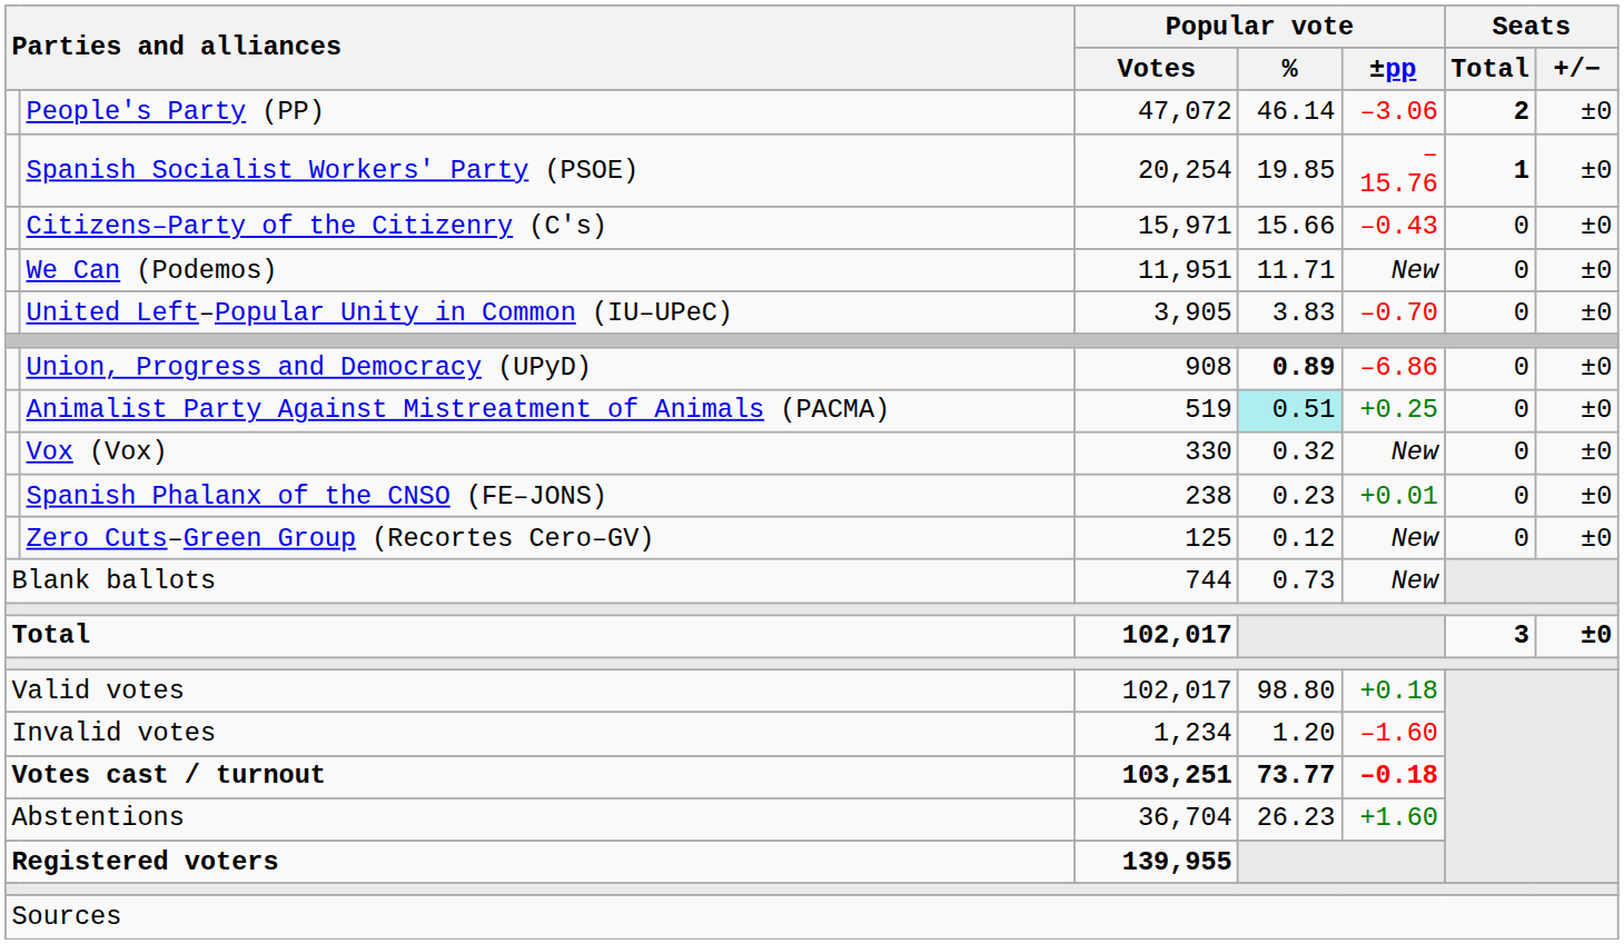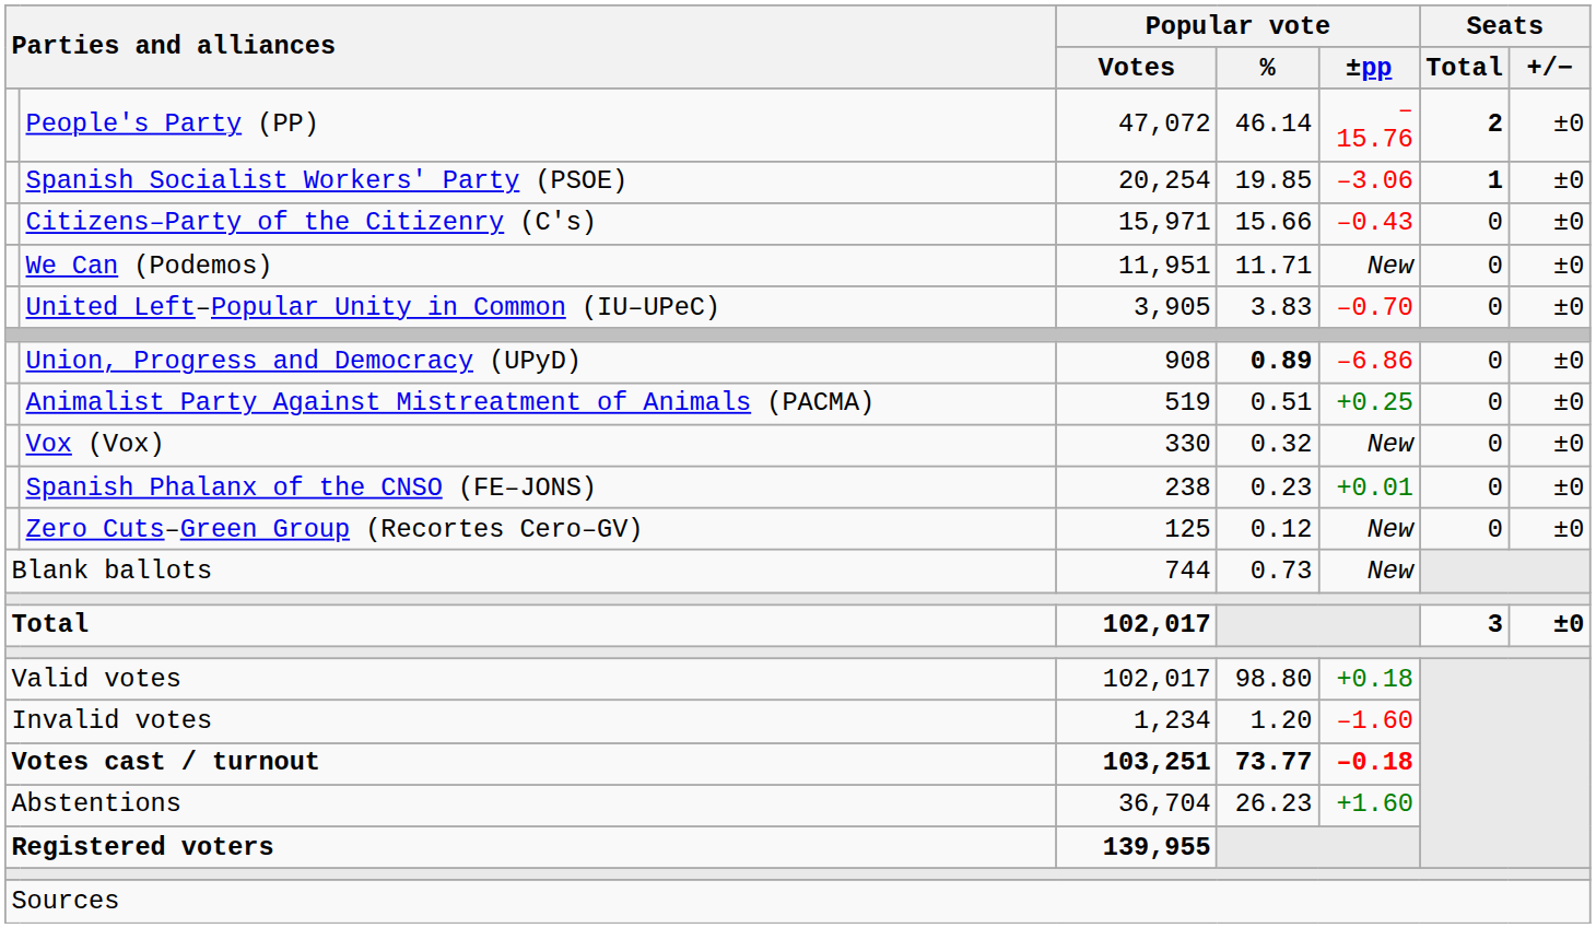 <table class="wikitable" style="text-align:right;">
 <tr>
 <th style="text-align:left;" rowspan="2" colspan="2" width="525">Parties and alliances</th>
 <th colspan="3">Popular vote</th>
 <th colspan="2">Seats</th>
 </tr>
 <tr>
 <th width="75">Votes</th>
 <th width="45">%</th>
 <th width="45">±<a href='#'>pp</a></th>
 <th width="35">Total</th>
 <th width="35">+/−</th>
 </tr>
 <tr>
 <td width="1" style="color:inherit;background:"></td>
 <td align="left"><a href='#'>People's Party</a> (PP)</td>
 <td>47,072</td>
 <td>46.14</td>
-<td style="color:red;">–3.06</td>
+<td style="color:red;">–15.76</td>
 <td><strong>2</strong></td>
 <td>±0</td>
 </tr>
 <tr>
 <td style="color:inherit;background:"></td>
 <td align="left"><a href='#'>Spanish Socialist Workers' Party</a> (PSOE)</td>
 <td>20,254</td>
 <td>19.85</td>
-<td style="color:red;">–15.76</td>
+<td style="color:red;">–3.06</td>
 <td><strong>1</strong></td>
 <td>±0</td>
 </tr>
 <tr>
 <td style="color:inherit;background:"></td>
 <td align="left"><a href='#'>Citizens–Party of the Citizenry</a> (C's)</td>
 <td>15,971</td>
 <td>15.66</td>
 <td style="color:red;">–0.43</td>
 <td>0</td>
 <td>±0</td>
 </tr>
 <tr>
 <td style="color:inherit;background:"></td>
 <td align="left"><a href='#'>We Can</a> (Podemos)</td>
 <td>11,951</td>
 <td>11.71</td>
 <td><em>New</em></td>
 <td>0</td>
 <td>±0</td>
 </tr>
 <tr>
 <td style="color:inherit;background:"></td>
 <td align="left"><a href='#'>United Left</a>–<a href='#'>Popular Unity in Common</a> (IU–UPeC)</td>
 <td>3,905</td>
 <td>3.83</td>
 <td style="color:red;">–0.70</td>
 <td>0</td>
 <td>±0</td>
 </tr>
 <tr>
 <td colspan="7" bgcolor="#C0C0C0"></td>
 </tr>
 <tr>
 <td style="color:inherit;background:"></td>
 <td align="left"><a href='#'>Union, Progress and Democracy</a> (UPyD)</td>
 <td>908</td>
 <td><strong>0.89</strong></td>
 <td style="color:red;">–6.86</td>
 <td>0</td>
 <td>±0</td>
 </tr>
 <tr>
 <td style="color:inherit;background:"></td>
 <td align="left"><a href='#'>Animalist Party Against Mistreatment of Animals</a> (PACMA)</td>
 <td>519</td>
-<td style="background: paleturquoise;">0.51</td>
+<td>0.51</td>
 <td style="color:green;">+0.25</td>
 <td>0</td>
 <td>±0</td>
 </tr>
 <tr>
 <td style="color:inherit;background:"></td>
 <td align="left"><a href='#'>Vox</a> (Vox)</td>
 <td>330</td>
 <td>0.32</td>
 <td><em>New</em></td>
 <td>0</td>
 <td>±0</td>
 </tr>
 <tr>
 <td style="color:inherit;background:"></td>
 <td align="left"><a href='#'>Spanish Phalanx of the CNSO</a> (FE–JONS)</td>
 <td>238</td>
 <td>0.23</td>
 <td style="color:green;">+0.01</td>
 <td>0</td>
 <td>±0</td>
 </tr>
 <tr>
 <td style="color:inherit;background:"></td>
 <td align="left"><a href='#'>Zero Cuts</a>–<a href='#'>Green Group</a> (Recortes Cero–GV)</td>
 <td>125</td>
 <td>0.12</td>
 <td><em>New</em></td>
 <td>0</td>
 <td>±0</td>
 </tr>
 <tr>
 <td align="left" colspan="2">Blank ballots</td>
 <td>744</td>
 <td>0.73</td>
 <td><em>New</em></td>
 <td bgcolor="#E9E9E9" colspan="2"></td>
 </tr>
 <tr>
 <td colspan="7" bgcolor="#E9E9E9"></td>
 </tr>
 <tr style="font-weight:bold;">
 <td align="left" colspan="2">Total</td>
 <td>102,017</td>
 <td bgcolor="#E9E9E9" colspan="2"></td>
 <td>3</td>
 <td>±0</td>
 </tr>
 <tr>
 <td colspan="7" bgcolor="#E9E9E9"></td>
 </tr>
 <tr>
 <td align="left" colspan="2">Valid votes</td>
 <td>102,017</td>
 <td>98.80</td>
 <td style="color:green;">+0.18</td>
 <td bgcolor="#E9E9E9" colspan="2" rowspan="5"></td>
 </tr>
 <tr>
 <td align="left" colspan="2">Invalid votes</td>
 <td>1,234</td>
 <td>1.20</td>
 <td style="color:red;">–1.60</td>
 </tr>
 <tr style="font-weight:bold;">
 <td align="left" colspan="2">Votes cast / turnout</td>
 <td>103,251</td>
 <td>73.77</td>
 <td style="color:red;">–0.18</td>
 </tr>
 <tr>
 <td align="left" colspan="2">Abstentions</td>
 <td>36,704</td>
 <td>26.23</td>
 <td style="color:green;">+1.60</td>
 </tr>
 <tr style="font-weight:bold;">
 <td align="left" colspan="2">Registered voters</td>
 <td>139,955</td>
 <td bgcolor="#E9E9E9" colspan="2"></td>
 </tr>
 <tr>
 <td colspan="7" bgcolor="#E9E9E9"></td>
 </tr>
 <tr>
 <td align="left" colspan="7">Sources</td>
 </tr>
 </table>
